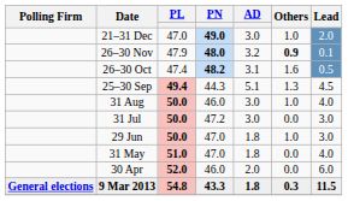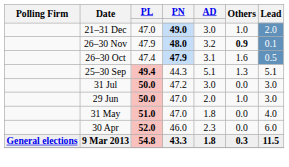 <table class="wikitable sortable" style="text-align:center;font-size:90%;line-height:14px;">
 <tr>
 <th rowspan="2">Polling Firm</th>
 <th rowspan="2">Date</th>
 <th style="width:40px;"><a href='#'>PL</a></th>
 <th style="width:40px;"><a href='#'>PN</a></th>
 <th style="width:40px;"><a href='#'>AD</a></th>
 <th style="width:40px;" rowspan="2">Others</th>
 <th style="width:30px;" rowspan="2">Lead</th>
 </tr>
 <tr>
 <th style="background:"></th>
 <th style="background:"></th>
 <th style="background:"></th>
 </tr>
 <tr>
 <td></td>
 <td>21–31 Dec</td>
 <td>47.0</td>
 <td style="background:#C4DDF9"><strong>49.0</strong></td>
 <td>3.0</td>
 <td>1.0</td>
 <td style="background:#6091BA; color:white;">2.0</td>
 </tr>
 <tr>
 <td></td>
 <td>26–30 Nov</td>
 <td>47.9</td>
 <td style="background:#C4DDF9"><strong>48.0</strong></td>
 <td>3.2</td>
 <td><strong>0.9</strong></td>
 <td style="background:#6091BA; color:white;">0.1</td>
 </tr>
 <tr>
 <td></td>
 <td>26–30 Oct</td>
 <td>47.4</td>
-<td style="background:#C4DDF9"><strong>48.2</strong></td>
+<td style="background:#C4DDF9"><strong>47.9</strong></td>
 <td>3.1</td>
 <td>1.6</td>
 <td style="background:#6091BA; color:white;">0.5</td>
 </tr>
 <tr>
 <td></td>
 <td>25–30 Sep</td>
 <td style="background:#F8C1BE"><strong>49.4</strong></td>
 <td>44.3</td>
 <td>5.1</td>
 <td>1.3</td>
-<td style="background:">4.5</td>
-</tr>
-<tr>
-<td></td>
-<td>31 Aug</td>
-<td style="background:#F8C1BE"><strong>50.0</strong></td>
-<td>46.0</td>
-<td>3.0</td>
-<td>1.0</td>
-<td style="background:">4.0</td>
+<td style="background:">5.1</td>
 </tr>
 <tr>
 <td></td>
 <td>31 Jul</td>
 <td style="background:#F8C1BE"><strong>50.0</strong></td>
 <td>47.2</td>
 <td>3.0</td>
 <td>0.0</td>
 <td style="background:">3.0</td>
 </tr>
 <tr>
 <td></td>
 <td>29 Jun</td>
 <td style="background:#F8C1BE"><strong>50.0</strong></td>
 <td>47.0</td>
-<td>1.8</td>
+<td>2.0</td>
 <td>1.0</td>
 <td style="background:">3.0</td>
 </tr>
 <tr>
 <td></td>
 <td>31 May</td>
 <td style="background:#F8C1BE"><strong>51.0</strong></td>
 <td>47.0</td>
 <td>1.8</td>
 <td>0.0</td>
 <td style="background:">4.0</td>
 </tr>
 <tr>
 <td></td>
 <td>30 Apr</td>
 <td style="background:#F8C1BE"><strong>52.0</strong></td>
 <td>46.0</td>
-<td>2.0</td>
+<td>2.3</td>
 <td>0.0</td>
 <td style="background:">6.0</td>
 </tr>
 <tr style="background:#EFEFEF; font-weight:bold;">
 <td><a href='#'>General elections</a></td>
 <td>9 Mar 2013</td>
 <td style="background:#F8C1BE">54.8</td>
 <td>43.3</td>
 <td>1.8</td>
 <td>0.3</td>
 <td style="background:">11.5</td>
 </tr>
 <tr>
 </tr>
 </table>
